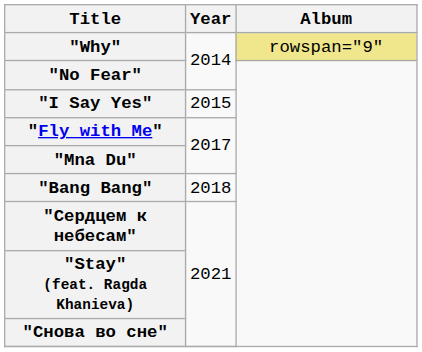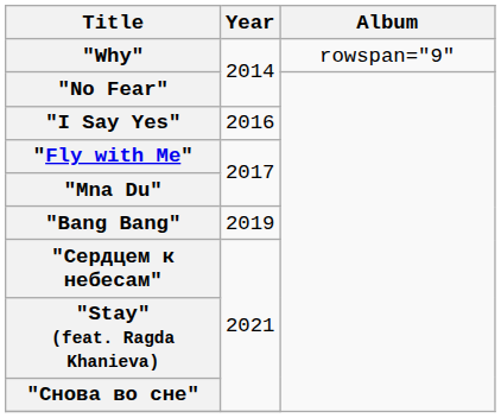 <table class="wikitable plainrowheaders" style="text-align:center;">
 <tr>
 <th scope="col" style="width:10em;">Title</th>
 <th scope="col" style="width:1em;">Year</th>
 <th scope="col" style="width:10em;">Album</th>
 </tr>
 <tr>
 <th scope="row">"Why"</th>
 <td rowspan="2">2014</td>
-<td style="background: khaki;">rowspan="9" </td>
+<td>rowspan="9" </td>
 </tr>
 <tr>
 <th scope="row">"No Fear"</th>
 </tr>
 <tr>
 <th scope="row">"I Say Yes"</th>
-<td>2015</td>
+<td>2016</td>
 </tr>
 <tr>
 <th scope="row">"<a href='#'>Fly with Me</a>"</th>
 <td rowspan="2">2017</td>
 </tr>
 <tr>
 <th scope="row">"Mna Du"</th>
 </tr>
 <tr>
 <th scope="row">"Bang Bang"</th>
-<td>2018</td>
+<td>2019</td>
 </tr>
 <tr>
 <th scope="row">"Сердцем к небесам"</th>
 <td rowspan="3">2021</td>
 </tr>
 <tr>
 <th scope="row">"Stay"<br><small>(feat. Ragda Khanieva)</small></th>
 </tr>
 <tr>
 <th scope="row">"Снова во сне"</th>
 </tr>
 <tr>
 </tr>
 </table>
